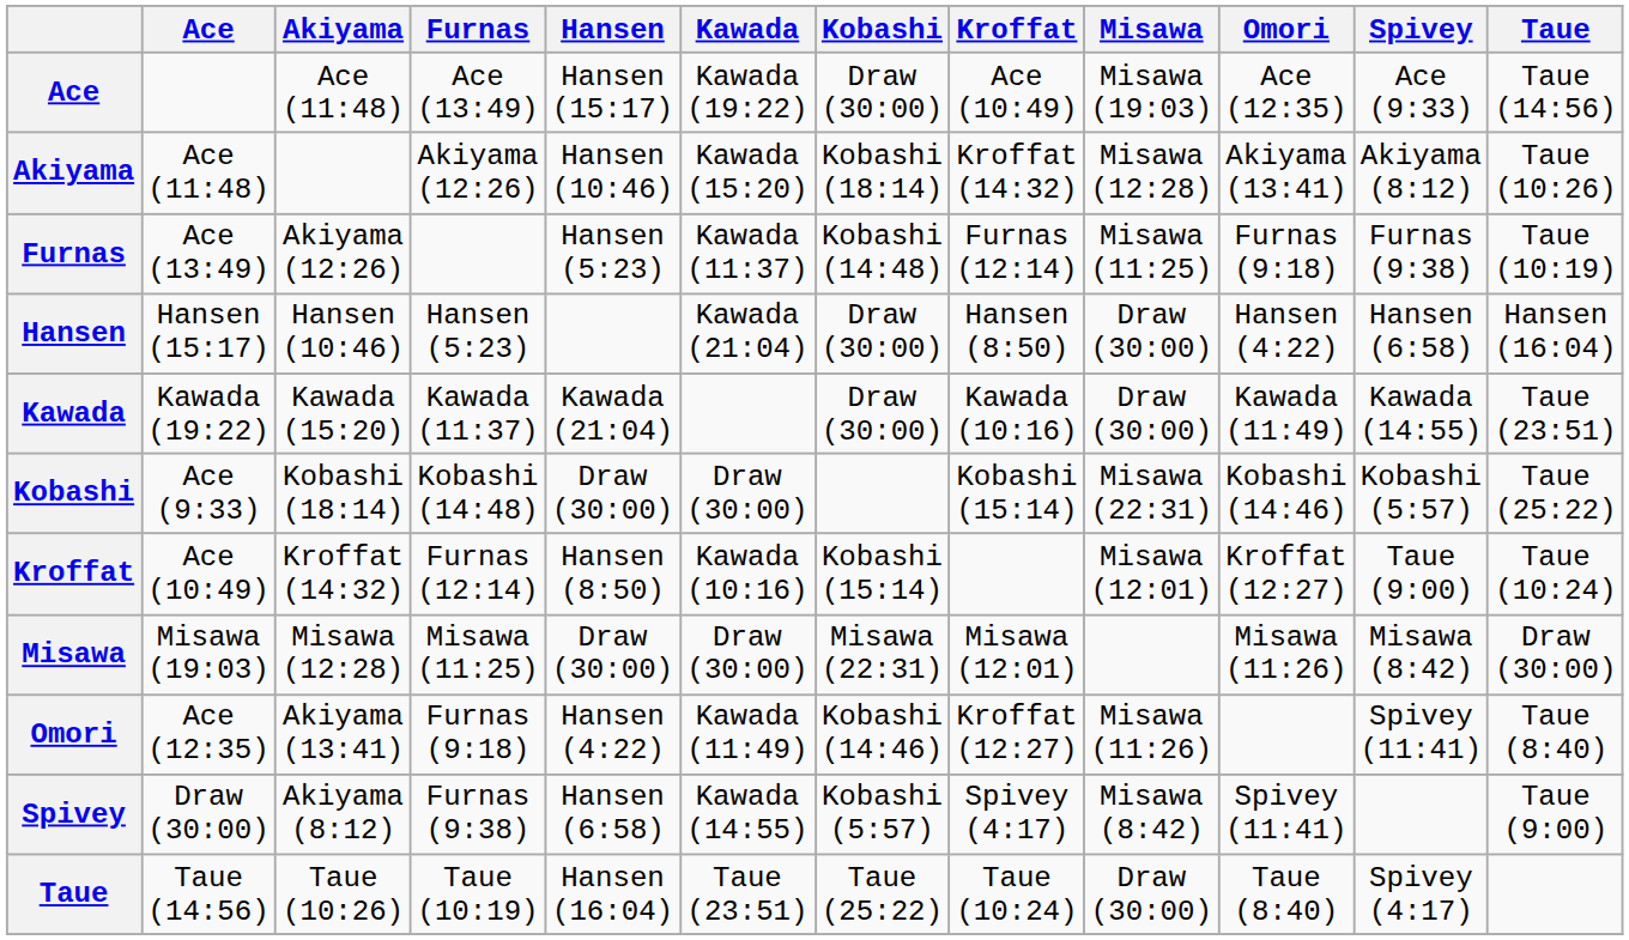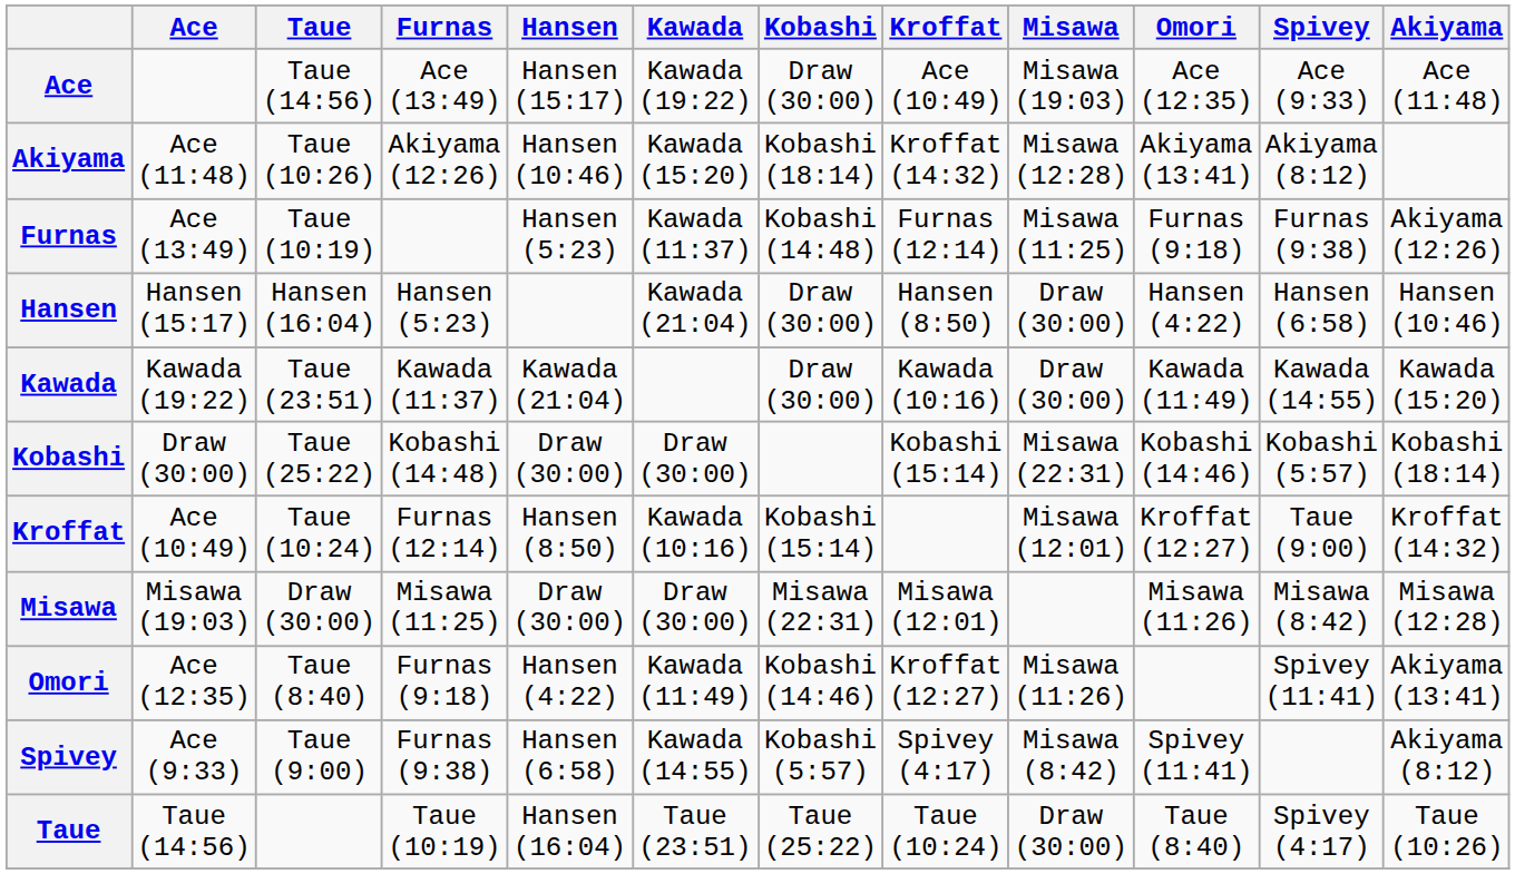 <table class="wikitable" style="margin: 1em auto 1em auto; text-align:center;">
 <tr>
 <th></th>
 <th><a href='#'>Ace</a></th>
-<th><a href='#'>Akiyama</a></th>
+<th><a href='#'>Taue</a></th>
 <th><a href='#'>Furnas</a></th>
 <th><a href='#'>Hansen</a></th>
 <th><a href='#'>Kawada</a></th>
 <th><a href='#'>Kobashi</a></th>
 <th><a href='#'>Kroffat</a></th>
 <th><a href='#'>Misawa</a></th>
 <th><a href='#'>Omori</a></th>
 <th><a href='#'>Spivey</a></th>
-<th><a href='#'>Taue</a></th>
+<th><a href='#'>Akiyama</a></th>
 </tr>
 <tr>
 <th><a href='#'>Ace</a></th>
 <td></td>
-<td>Ace<br>(11:48)</td>
+<td>Taue<br>(14:56)</td>
 <td>Ace<br>(13:49)</td>
 <td>Hansen<br>(15:17)</td>
 <td>Kawada<br>(19:22)</td>
 <td>Draw<br>(30:00)</td>
 <td>Ace<br>(10:49)</td>
 <td>Misawa<br>(19:03)</td>
 <td>Ace<br>(12:35)</td>
 <td>Ace<br>(9:33)</td>
-<td>Taue<br>(14:56)</td>
+<td>Ace<br>(11:48)</td>
 </tr>
 <tr>
 <th><a href='#'>Akiyama</a></th>
 <td>Ace<br>(11:48)</td>
-<td></td>
+<td>Taue<br>(10:26)</td>
 <td>Akiyama<br>(12:26)</td>
 <td>Hansen<br>(10:46)</td>
 <td>Kawada<br>(15:20)</td>
 <td>Kobashi<br>(18:14)</td>
 <td>Kroffat<br>(14:32)</td>
 <td>Misawa<br>(12:28)</td>
 <td>Akiyama<br>(13:41)</td>
 <td>Akiyama<br>(8:12)</td>
-<td>Taue<br>(10:26)</td>
+<td></td>
 </tr>
 <tr>
 <th><a href='#'>Furnas</a></th>
 <td>Ace<br>(13:49)</td>
-<td>Akiyama<br>(12:26)</td>
+<td>Taue<br>(10:19)</td>
 <td></td>
 <td>Hansen<br>(5:23)</td>
 <td>Kawada<br>(11:37)</td>
 <td>Kobashi<br>(14:48)</td>
 <td>Furnas<br>(12:14)</td>
 <td>Misawa<br>(11:25)</td>
 <td>Furnas<br>(9:18)</td>
 <td>Furnas<br>(9:38)</td>
-<td>Taue<br>(10:19)</td>
+<td>Akiyama<br>(12:26)</td>
 </tr>
 <tr>
 <th><a href='#'>Hansen</a></th>
 <td>Hansen<br>(15:17)</td>
-<td>Hansen<br>(10:46)</td>
+<td>Hansen<br>(16:04)</td>
 <td>Hansen<br>(5:23)</td>
 <td></td>
 <td>Kawada<br>(21:04)</td>
 <td>Draw<br>(30:00)</td>
 <td>Hansen<br>(8:50)</td>
 <td>Draw<br>(30:00)</td>
 <td>Hansen<br>(4:22)</td>
 <td>Hansen<br>(6:58)</td>
-<td>Hansen<br>(16:04)</td>
+<td>Hansen<br>(10:46)</td>
 </tr>
 <tr>
 <th><a href='#'>Kawada</a></th>
 <td>Kawada<br>(19:22)</td>
-<td>Kawada<br>(15:20)</td>
+<td>Taue<br>(23:51)</td>
 <td>Kawada<br>(11:37)</td>
 <td>Kawada<br>(21:04)</td>
 <td></td>
 <td>Draw<br>(30:00)</td>
 <td>Kawada<br>(10:16)</td>
 <td>Draw<br>(30:00)</td>
 <td>Kawada<br>(11:49)</td>
 <td>Kawada<br>(14:55)</td>
-<td>Taue<br>(23:51)</td>
+<td>Kawada<br>(15:20)</td>
 </tr>
 <tr>
 <th><a href='#'>Kobashi</a></th>
-<td>Ace<br>(9:33)</td>
-<td>Kobashi<br>(18:14)</td>
+<td>Draw<br>(30:00)</td>
+<td>Taue<br>(25:22)</td>
 <td>Kobashi<br>(14:48)</td>
 <td>Draw<br>(30:00)</td>
 <td>Draw<br>(30:00)</td>
 <td></td>
 <td>Kobashi<br>(15:14)</td>
 <td>Misawa<br>(22:31)</td>
 <td>Kobashi<br>(14:46)</td>
 <td>Kobashi<br>(5:57)</td>
-<td>Taue<br>(25:22)</td>
+<td>Kobashi<br>(18:14)</td>
 </tr>
 <tr>
 <th><a href='#'>Kroffat</a></th>
 <td>Ace<br>(10:49)</td>
-<td>Kroffat<br>(14:32)</td>
+<td>Taue<br>(10:24)</td>
 <td>Furnas<br>(12:14)</td>
 <td>Hansen<br>(8:50)</td>
 <td>Kawada<br>(10:16)</td>
 <td>Kobashi<br>(15:14)</td>
 <td></td>
 <td>Misawa<br>(12:01)</td>
 <td>Kroffat<br>(12:27)</td>
 <td>Taue<br>(9:00)</td>
-<td>Taue<br>(10:24)</td>
+<td>Kroffat<br>(14:32)</td>
 </tr>
 <tr>
 <th><a href='#'>Misawa</a></th>
 <td>Misawa<br>(19:03)</td>
-<td>Misawa<br>(12:28)</td>
+<td>Draw<br>(30:00)</td>
 <td>Misawa<br>(11:25)</td>
 <td>Draw<br>(30:00)</td>
 <td>Draw<br>(30:00)</td>
 <td>Misawa<br>(22:31)</td>
 <td>Misawa<br>(12:01)</td>
 <td></td>
 <td>Misawa<br>(11:26)</td>
 <td>Misawa<br>(8:42)</td>
-<td>Draw<br>(30:00)</td>
+<td>Misawa<br>(12:28)</td>
 </tr>
 <tr>
 <th><a href='#'>Omori</a></th>
 <td>Ace<br>(12:35)</td>
-<td>Akiyama<br>(13:41)</td>
+<td>Taue<br>(8:40)</td>
 <td>Furnas<br>(9:18)</td>
 <td>Hansen<br>(4:22)</td>
 <td>Kawada<br>(11:49)</td>
 <td>Kobashi<br>(14:46)</td>
 <td>Kroffat<br>(12:27)</td>
 <td>Misawa<br>(11:26)</td>
 <td></td>
 <td>Spivey<br>(11:41)</td>
-<td>Taue<br>(8:40)</td>
+<td>Akiyama<br>(13:41)</td>
 </tr>
 <tr>
 <th><a href='#'>Spivey</a></th>
-<td>Draw<br>(30:00)</td>
-<td>Akiyama<br>(8:12)</td>
+<td>Ace<br>(9:33)</td>
+<td>Taue<br>(9:00)</td>
 <td>Furnas<br>(9:38)</td>
 <td>Hansen<br>(6:58)</td>
 <td>Kawada<br>(14:55)</td>
 <td>Kobashi<br>(5:57)</td>
 <td>Spivey<br>(4:17)</td>
 <td>Misawa<br>(8:42)</td>
 <td>Spivey<br>(11:41)</td>
 <td></td>
-<td>Taue<br>(9:00)</td>
+<td>Akiyama<br>(8:12)</td>
 </tr>
 <tr>
 <th><a href='#'>Taue</a></th>
 <td>Taue<br>(14:56)</td>
-<td>Taue<br>(10:26)</td>
+<td></td>
 <td>Taue<br>(10:19)</td>
 <td>Hansen<br>(16:04)</td>
 <td>Taue<br>(23:51)</td>
 <td>Taue<br>(25:22)</td>
 <td>Taue<br>(10:24)</td>
 <td>Draw<br>(30:00)</td>
 <td>Taue<br>(8:40)</td>
 <td>Spivey<br>(4:17)</td>
-<td></td>
+<td>Taue<br>(10:26)</td>
 </tr>
 </table>
